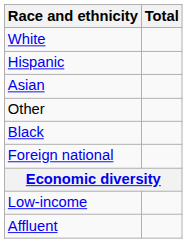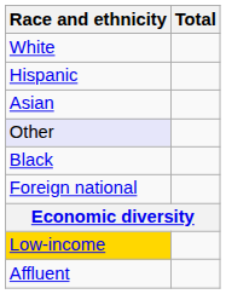 <table class="wikitable floatright sortable collapsible"; text-align:right; font-size:80%;">
 <tr>
 <th>Race and ethnicity</th>
 <th colspan="2" data-sort-type=number>Total</th>
 </tr>
 <tr>
 <td><a href='#'>White</a></td>
 <td align=right></td>
 </tr>
 <tr>
 <td><a href='#'>Hispanic</a></td>
 <td align=right></td>
 </tr>
 <tr>
 <td><a href='#'>Asian</a></td>
 <td align=right></td>
 </tr>
 <tr>
-<td>Other</td>
+<td style="background: lavender;">Other</td>
 <td align=right></td>
 </tr>
 <tr>
 <td><a href='#'>Black</a></td>
 <td align=right></td>
 </tr>
 <tr>
 <td><a href='#'>Foreign national</a></td>
 <td align=right></td>
 </tr>
 <tr>
 <th colspan="4" data-sort-type=number><a href='#'>Economic diversity</a></th>
 </tr>
 <tr>
-<td><a href='#'>Low-income</a></td>
+<td style="background: gold;"><a href='#'>Low-income</a></td>
 <td align=right></td>
 </tr>
 <tr>
 <td><a href='#'>Affluent</a></td>
 <td align=right></td>
 </tr>
 </table>
